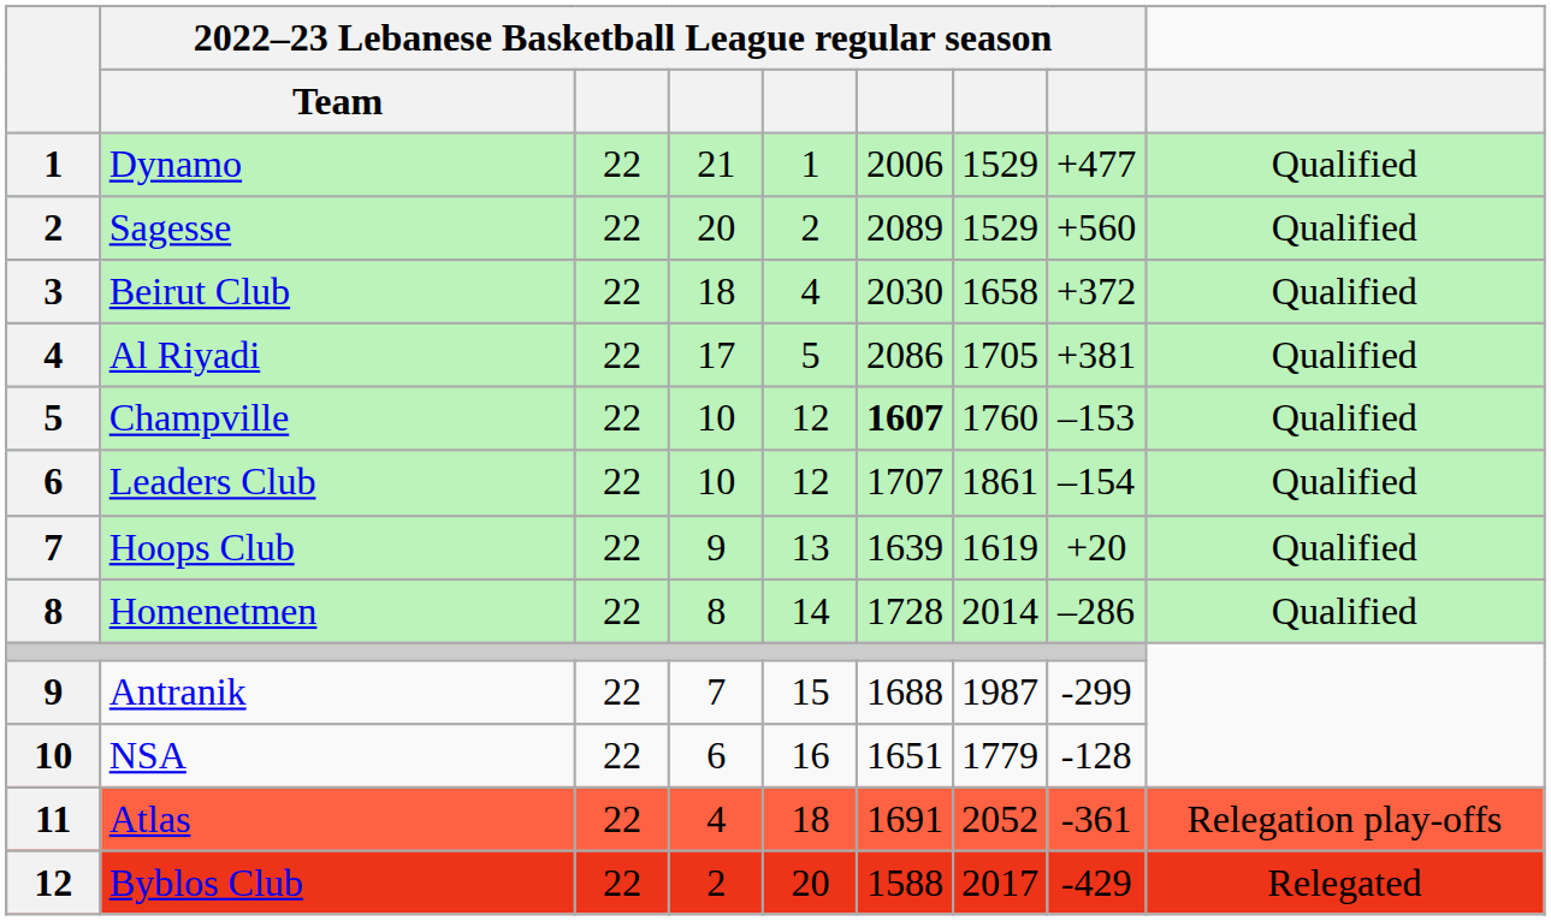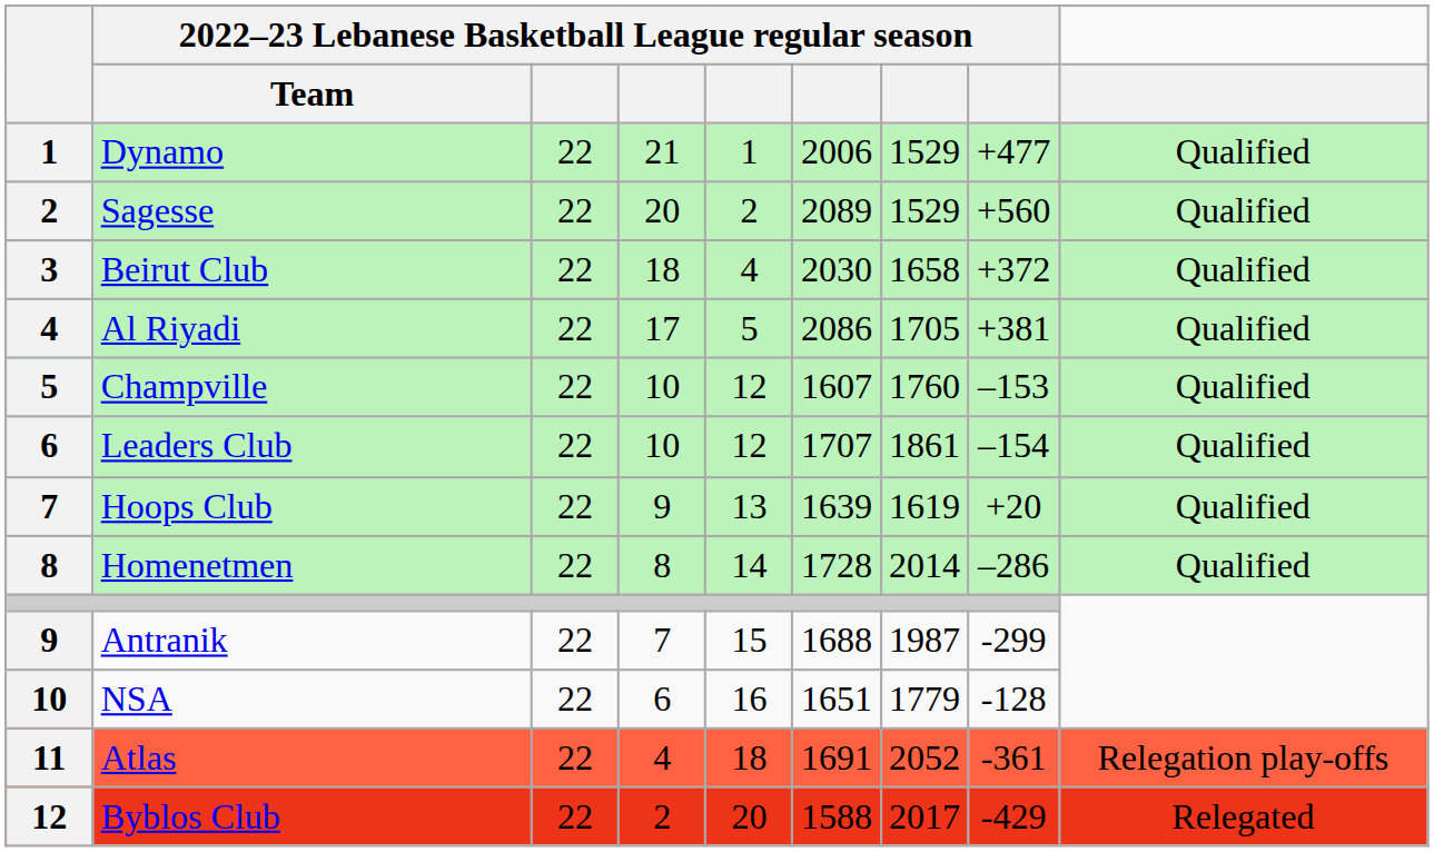 <table class="wikitable" style="font-size:95%; text-align:center">
 <tr>
 <th rowspan="2" width="30px"></th>
 <th colspan="7" style="text-align:center">2022–23 Lebanese Basketball League regular season</th>
 </tr>
 <tr>
 <th width="180px">Team</th>
 <th width="30px"></th>
 <th width="30px"></th>
 <th width="30px"></th>
 <th width="30px"></th>
 <th width="30px"></th>
 <th width="30px"></th>
 <th width="150px"></th>
 </tr>
 <tr style="background-color:#BBF3BB;">
 <th>1</th>
 <td style="text-align:left;"><a href='#'>Dynamo</a></td>
 <td>22</td>
 <td>21</td>
 <td>1</td>
 <td>2006</td>
 <td>1529</td>
 <td>+477</td>
 <td>Qualified</td>
 </tr>
 <tr style="background-color:#BBF3BB;">
 <th>2</th>
 <td style="text-align:left;"><a href='#'>Sagesse</a></td>
 <td>22</td>
 <td>20</td>
 <td>2</td>
 <td>2089</td>
 <td>1529</td>
 <td>+560</td>
 <td>Qualified</td>
 </tr>
 <tr style="background-color:#BBF3BB;">
 <th>3</th>
 <td style="text-align:left;"><a href='#'>Beirut Club</a></td>
 <td>22</td>
 <td>18</td>
 <td>4</td>
 <td>2030</td>
 <td>1658</td>
 <td>+372</td>
 <td>Qualified</td>
 </tr>
 <tr style="background-color:#BBF3BB;">
 <th>4</th>
 <td style="text-align:left;"><a href='#'>Al Riyadi</a></td>
 <td>22</td>
 <td>17</td>
 <td>5</td>
 <td>2086</td>
 <td>1705</td>
 <td>+381</td>
 <td>Qualified</td>
 </tr>
 <tr bgcolor="#BBF3BB">
 <th>5</th>
 <td style="text-align:left;"><a href='#'>Champville</a></td>
 <td>22</td>
 <td>10</td>
 <td>12</td>
-<td><strong>1607</strong></td>
+<td>1607</td>
 <td>1760</td>
 <td>–153</td>
 <td>Qualified</td>
 </tr>
 <tr bgcolor="#BBF3BB">
 <th>6</th>
 <td style="text-align:left;"><a href='#'>Leaders Club</a></td>
 <td>22</td>
 <td>10</td>
 <td>12</td>
 <td>1707</td>
 <td>1861</td>
 <td>–154</td>
 <td>Qualified</td>
 </tr>
 <tr bgcolor="#BBF3BB">
 <th>7</th>
 <td style="text-align:left;"><a href='#'>Hoops Club</a></td>
 <td>22</td>
 <td>9</td>
 <td>13</td>
 <td>1639</td>
 <td>1619</td>
 <td>+20</td>
 <td>Qualified</td>
 </tr>
 <tr bgcolor="#BBF3BB">
 <th>8</th>
 <td style="text-align:left;"><a href='#'>Homenetmen</a></td>
 <td>22</td>
 <td>8</td>
 <td>14</td>
 <td>1728</td>
 <td>2014</td>
 <td>–286</td>
 <td>Qualified</td>
 </tr>
 <tr style="background-color:#CCCCCC">
 <td colspan="8"></td>
 </tr>
 <tr>
 <th>9</th>
 <td style="text-align:left;"><a href='#'>Antranik</a></td>
 <td>22</td>
 <td>7</td>
 <td>15</td>
 <td>1688</td>
 <td>1987</td>
 <td>-299</td>
 </tr>
 <tr>
 <th>10</th>
 <td style="text-align:left;"><a href='#'>NSA</a></td>
 <td>22</td>
 <td>6</td>
 <td>16</td>
 <td>1651</td>
 <td>1779</td>
 <td>-128</td>
 </tr>
 <tr bgcolor="FF6242">
 <th>11</th>
 <td style="text-align:left;"><a href='#'>Atlas</a></td>
 <td>22</td>
 <td>4</td>
 <td>18</td>
 <td>1691</td>
 <td>2052</td>
 <td>-361</td>
 <td>Relegation play-offs</td>
 </tr>
 <tr bgcolor="#ED3419">
 <th>12</th>
 <td style="text-align:left;"><a href='#'>Byblos Club</a></td>
 <td>22</td>
 <td>2</td>
 <td>20</td>
 <td>1588</td>
 <td>2017</td>
 <td>-429</td>
 <td>Relegated</td>
 </tr>
 </table>
